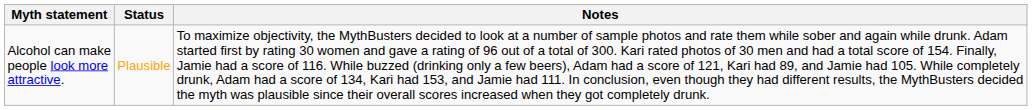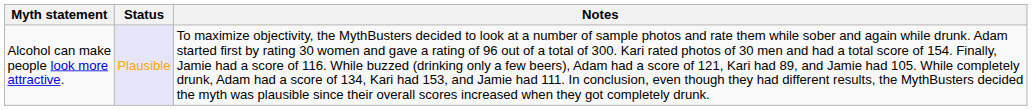 <table class="wikitable plainrowheaders">
 <tr>
 <th>Myth statement</th>
 <th>Status</th>
 <th>Notes</th>
 </tr>
 <tr>
 <td>Alcohol can make people <a href='#'>look more attractive</a>.</td>
-<td style="color:orange">Plausible</td>
+<td style="background: lavender; color:orange">Plausible</td>
 <td>To maximize objectivity, the MythBusters decided to look at a number of sample photos and rate them while sober and again while drunk. Adam started first by rating 30 women and gave a rating of 96 out of a total of 300. Kari rated photos of 30 men and had a total score of 154. Finally, Jamie had a score of 116. While buzzed (drinking only a few beers), Adam had a score of 121, Kari had 89, and Jamie had 105. While completely drunk, Adam had a score of 134, Kari had 153, and Jamie had 111. In conclusion, even though they had different results, the MythBusters decided the myth was plausible since their overall scores increased when they got completely drunk.</td>
 </tr>
 </table>
